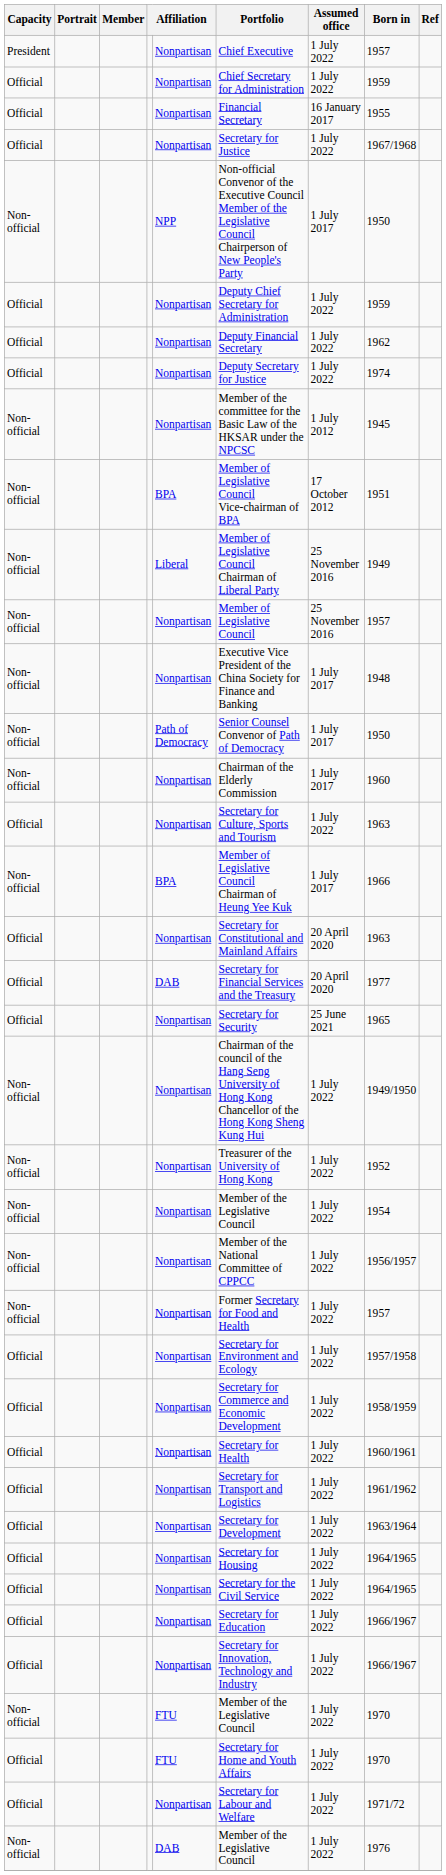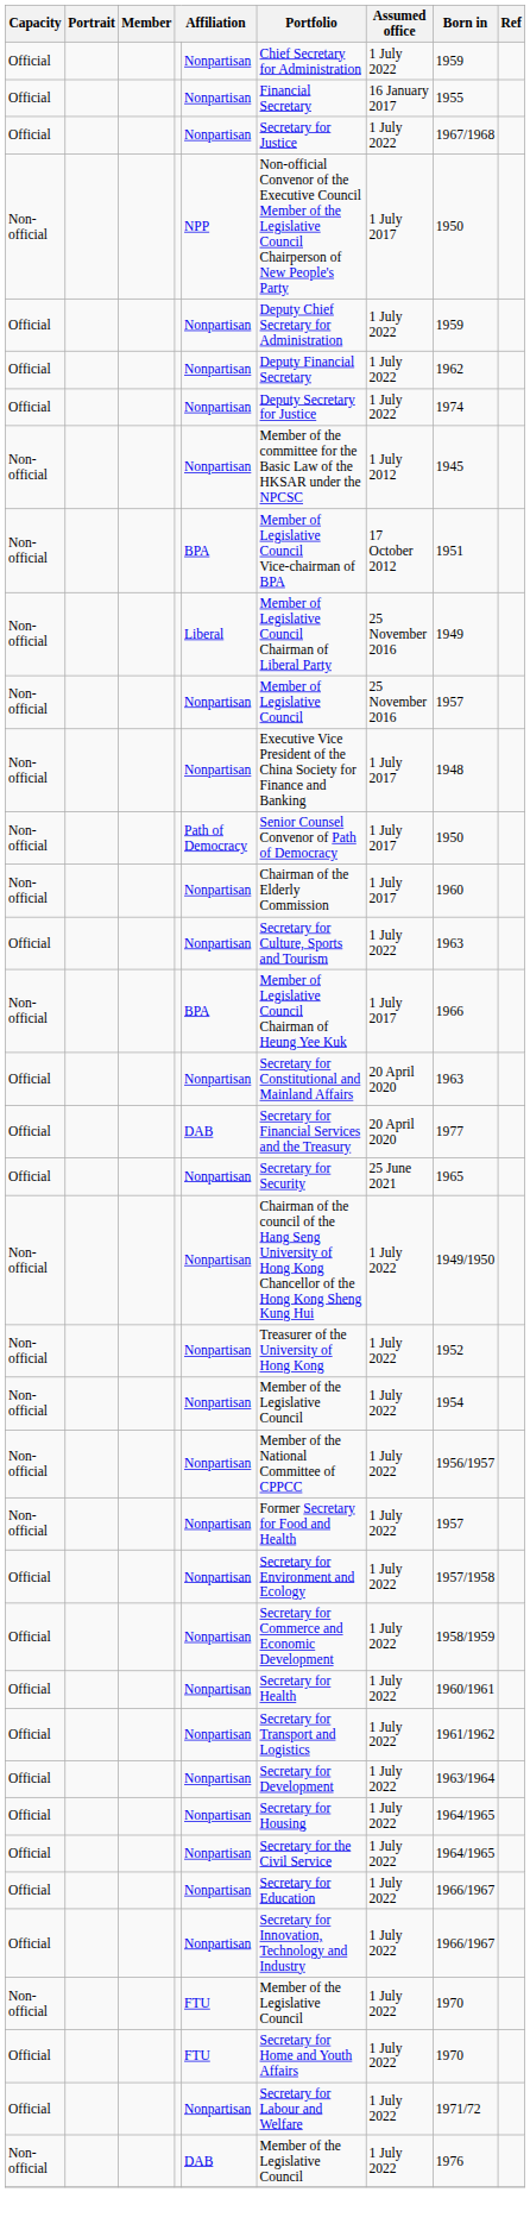 <table class="wikitable sortable" font-size:80%; width:100%;">
 <tr>
 <th>Capacity</th>
 <th class="unsortable">Portrait</th>
 <th>Member</th>
 <th colspan="2">Affiliation</th>
 <th>Portfolio</th>
 <th>Assumed office</th>
 <th>Born in</th>
 <th class="unsortable">Ref</th>
-</tr>
-<tr>
-<td>President</td>
-<td></td>
-<td></td>
-<td></td>
-<td><a href='#'>Nonpartisan</a></td>
-<td><a href='#'>Chief Executive</a></td>
-<td>1 July 2022</td>
-<td>1957</td>
-<td></td>
 </tr>
 <tr>
 <td>Official</td>
 <td></td>
 <td></td>
 <td></td>
 <td><a href='#'>Nonpartisan</a></td>
 <td><a href='#'>Chief Secretary for Administration</a></td>
 <td>1 July 2022</td>
 <td>1959</td>
 <td></td>
 </tr>
 <tr>
 <td>Official</td>
 <td></td>
 <td></td>
 <td></td>
 <td><a href='#'>Nonpartisan</a></td>
 <td><a href='#'>Financial Secretary</a></td>
 <td>16 January 2017</td>
 <td>1955</td>
 <td></td>
 </tr>
 <tr>
 <td>Official</td>
 <td></td>
 <td></td>
 <td></td>
 <td><a href='#'>Nonpartisan</a></td>
 <td><a href='#'>Secretary for Justice</a></td>
 <td>1 July 2022</td>
 <td>1967/1968</td>
 <td></td>
 </tr>
 <tr>
 <td>Non-official</td>
 <td></td>
 <td></td>
 <td></td>
 <td><a href='#'>NPP</a></td>
 <td>Non-official Convenor of the Executive Council<br><a href='#'>Member of the Legislative Council</a><br>Chairperson of <a href='#'>New People's Party</a></td>
 <td>1 July 2017</td>
 <td>1950</td>
 <td></td>
 </tr>
 <tr>
 <td>Official</td>
 <td></td>
 <td></td>
 <td></td>
 <td><a href='#'>Nonpartisan</a></td>
 <td><a href='#'>Deputy Chief Secretary for Administration</a></td>
 <td>1 July 2022</td>
 <td>1959</td>
 <td></td>
 </tr>
 <tr>
 <td>Official</td>
 <td></td>
 <td></td>
 <td></td>
 <td><a href='#'>Nonpartisan</a></td>
 <td><a href='#'>Deputy Financial Secretary</a></td>
 <td>1 July 2022</td>
 <td>1962</td>
 <td></td>
 </tr>
 <tr>
 <td>Official</td>
 <td></td>
 <td></td>
 <td></td>
 <td><a href='#'>Nonpartisan</a></td>
 <td><a href='#'>Deputy Secretary for Justice</a></td>
 <td>1 July 2022</td>
 <td>1974</td>
 <td></td>
 </tr>
 <tr>
 <td>Non-official</td>
 <td></td>
 <td></td>
 <td></td>
 <td><a href='#'>Nonpartisan</a></td>
 <td>Member of the committee for the Basic Law of the HKSAR under the <a href='#'>NPCSC</a></td>
 <td>1 July 2012</td>
 <td>1945</td>
 <td></td>
 </tr>
 <tr>
 <td>Non-official</td>
 <td></td>
 <td></td>
 <td></td>
 <td><a href='#'>BPA</a></td>
 <td><a href='#'>Member of Legislative Council</a><br>Vice-chairman of <a href='#'>BPA</a></td>
 <td>17 October 2012</td>
 <td>1951</td>
 <td></td>
 </tr>
 <tr>
 <td>Non-official</td>
 <td></td>
 <td></td>
 <td></td>
 <td><a href='#'>Liberal</a></td>
 <td><a href='#'>Member of Legislative Council</a><br>Chairman of <a href='#'>Liberal Party</a></td>
 <td>25 November 2016</td>
 <td>1949</td>
 <td></td>
 </tr>
 <tr>
 <td>Non-official</td>
 <td></td>
 <td></td>
 <td></td>
 <td><a href='#'>Nonpartisan</a></td>
 <td><a href='#'>Member of Legislative Council</a></td>
 <td>25 November 2016</td>
 <td>1957</td>
 <td></td>
 </tr>
 <tr>
 <td>Non-official</td>
 <td></td>
 <td></td>
 <td></td>
 <td><a href='#'>Nonpartisan</a></td>
 <td>Executive Vice President of the China Society for Finance and Banking</td>
 <td>1 July 2017</td>
 <td>1948</td>
 <td></td>
 </tr>
 <tr>
 <td>Non-official</td>
 <td></td>
 <td></td>
 <td></td>
 <td><a href='#'>Path of Democracy</a></td>
 <td><a href='#'>Senior Counsel</a><br>Convenor of <a href='#'>Path of Democracy</a></td>
 <td>1 July 2017</td>
 <td>1950</td>
 <td></td>
 </tr>
 <tr>
 <td>Non-official</td>
 <td></td>
 <td></td>
 <td></td>
 <td><a href='#'>Nonpartisan</a></td>
 <td>Chairman of the Elderly Commission</td>
 <td>1 July 2017</td>
 <td>1960</td>
 <td></td>
 </tr>
 <tr>
 <td>Official</td>
 <td></td>
 <td></td>
 <td></td>
 <td><a href='#'>Nonpartisan</a></td>
 <td><a href='#'>Secretary for Culture, Sports and Tourism</a></td>
 <td>1 July 2022</td>
 <td>1963</td>
 <td></td>
 </tr>
 <tr>
 <td>Non-official</td>
 <td></td>
 <td></td>
 <td></td>
 <td><a href='#'>BPA</a></td>
 <td><a href='#'>Member of Legislative Council</a><br>Chairman of <a href='#'>Heung Yee Kuk</a></td>
 <td>1 July 2017</td>
 <td>1966</td>
 <td></td>
 </tr>
 <tr>
 <td>Official</td>
 <td></td>
 <td></td>
 <td></td>
 <td><a href='#'>Nonpartisan</a></td>
 <td><a href='#'>Secretary for Constitutional and Mainland Affairs</a></td>
 <td>20 April 2020</td>
 <td>1963</td>
 <td></td>
 </tr>
 <tr>
 <td>Official</td>
 <td></td>
 <td></td>
 <td></td>
 <td><a href='#'>DAB</a></td>
 <td><a href='#'>Secretary for Financial Services and the Treasury</a></td>
 <td>20 April 2020</td>
 <td>1977</td>
 <td></td>
 </tr>
 <tr>
 <td>Official</td>
 <td></td>
 <td></td>
 <td></td>
 <td><a href='#'>Nonpartisan</a></td>
 <td><a href='#'>Secretary for Security</a></td>
 <td>25 June 2021</td>
 <td>1965</td>
 <td></td>
 </tr>
 <tr>
 <td>Non-official</td>
 <td></td>
 <td></td>
 <td></td>
 <td><a href='#'>Nonpartisan</a></td>
 <td>Chairman of the council of the <a href='#'>Hang Seng University of Hong Kong</a><br>Chancellor of the <a href='#'>Hong Kong Sheng Kung Hui</a></td>
 <td>1 July 2022</td>
 <td>1949/1950</td>
 <td></td>
 </tr>
 <tr>
 <td>Non-official</td>
 <td></td>
 <td></td>
 <td></td>
 <td><a href='#'>Nonpartisan</a></td>
 <td>Treasurer of the <a href='#'>University of Hong Kong</a></td>
 <td>1 July 2022</td>
 <td>1952</td>
 <td></td>
 </tr>
 <tr>
 <td>Non-official</td>
 <td></td>
 <td></td>
 <td></td>
 <td><a href='#'>Nonpartisan</a></td>
 <td>Member of the Legislative Council</td>
 <td>1 July 2022</td>
 <td>1954</td>
 <td></td>
 </tr>
 <tr>
 <td>Non-official</td>
 <td></td>
 <td></td>
 <td></td>
 <td><a href='#'>Nonpartisan</a></td>
 <td>Member of the National Committee of <a href='#'>CPPCC</a></td>
 <td>1 July 2022</td>
 <td>1956/1957</td>
 <td></td>
 </tr>
 <tr>
 <td>Non-official</td>
 <td></td>
 <td></td>
 <td></td>
 <td><a href='#'>Nonpartisan</a></td>
 <td>Former <a href='#'>Secretary for Food and Health</a></td>
 <td>1 July 2022</td>
 <td>1957</td>
 <td></td>
 </tr>
 <tr>
 <td>Official</td>
 <td></td>
 <td></td>
 <td></td>
 <td><a href='#'>Nonpartisan</a></td>
 <td><a href='#'>Secretary for Environment and Ecology</a></td>
 <td>1 July 2022</td>
 <td>1957/1958</td>
 <td></td>
 </tr>
 <tr>
 <td>Official</td>
 <td></td>
 <td></td>
 <td></td>
 <td><a href='#'>Nonpartisan</a></td>
 <td><a href='#'>Secretary for Commerce and Economic Development</a></td>
 <td>1 July 2022</td>
 <td>1958/1959</td>
 <td></td>
 </tr>
 <tr>
 <td>Official</td>
 <td></td>
 <td></td>
 <td></td>
 <td><a href='#'>Nonpartisan</a></td>
 <td><a href='#'>Secretary for Health</a></td>
 <td>1 July 2022</td>
 <td>1960/1961</td>
 <td></td>
 </tr>
 <tr>
 <td>Official</td>
 <td></td>
 <td></td>
 <td></td>
 <td><a href='#'>Nonpartisan</a></td>
 <td><a href='#'>Secretary for Transport and Logistics</a></td>
 <td>1 July 2022</td>
 <td>1961/1962</td>
 <td></td>
 </tr>
 <tr>
 <td>Official</td>
 <td></td>
 <td></td>
 <td></td>
 <td><a href='#'>Nonpartisan</a></td>
 <td><a href='#'>Secretary for Development</a></td>
 <td>1 July 2022</td>
 <td>1963/1964</td>
 <td></td>
 </tr>
 <tr>
 <td>Official</td>
 <td></td>
 <td></td>
 <td></td>
 <td><a href='#'>Nonpartisan</a></td>
 <td><a href='#'>Secretary for Housing</a></td>
 <td>1 July 2022</td>
 <td>1964/1965</td>
 <td></td>
 </tr>
 <tr>
 <td>Official</td>
 <td></td>
 <td></td>
 <td></td>
 <td><a href='#'>Nonpartisan</a></td>
 <td><a href='#'>Secretary for the Civil Service</a></td>
 <td>1 July 2022</td>
 <td>1964/1965</td>
 <td></td>
 </tr>
 <tr>
 <td>Official</td>
 <td></td>
 <td></td>
 <td></td>
 <td><a href='#'>Nonpartisan</a></td>
 <td><a href='#'>Secretary for Education</a></td>
 <td>1 July 2022</td>
 <td>1966/1967</td>
 <td></td>
 </tr>
 <tr>
 <td>Official</td>
 <td></td>
 <td></td>
 <td></td>
 <td><a href='#'>Nonpartisan</a></td>
 <td><a href='#'>Secretary for Innovation, Technology and Industry</a></td>
 <td>1 July 2022</td>
 <td>1966/1967</td>
 <td></td>
 </tr>
 <tr>
 <td>Non-official</td>
 <td></td>
 <td></td>
 <td></td>
 <td><a href='#'>FTU</a></td>
 <td>Member of the Legislative Council</td>
 <td>1 July 2022</td>
 <td>1970</td>
 <td></td>
 </tr>
 <tr>
 <td>Official</td>
 <td></td>
 <td></td>
 <td></td>
 <td><a href='#'>FTU</a></td>
 <td><a href='#'>Secretary for Home and Youth Affairs</a></td>
 <td>1 July 2022</td>
 <td>1970</td>
 <td></td>
 </tr>
 <tr>
 <td>Official</td>
 <td></td>
 <td></td>
 <td></td>
 <td><a href='#'>Nonpartisan</a></td>
 <td><a href='#'>Secretary for Labour and Welfare</a></td>
 <td>1 July 2022</td>
 <td>1971/72</td>
 <td></td>
 </tr>
 <tr>
 <td>Non-official</td>
 <td></td>
 <td></td>
 <td></td>
 <td><a href='#'>DAB</a></td>
 <td>Member of the Legislative Council</td>
 <td>1 July 2022</td>
 <td>1976</td>
 <td></td>
 </tr>
 <tr>
 </tr>
 </table>
